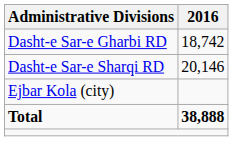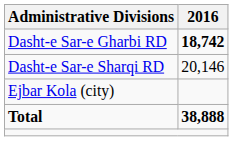 <table class="wikitable">
 <tr>
 <th>Administrative Divisions</th>
 <th>2016</th>
 </tr>
 <tr>
 <td><a href='#'>Dasht-e Sar-e Gharbi RD</a></td>
-<td style="text-align: right;">18,742</td>
+<td style="text-align: right;"><strong>18,742</strong></td>
 </tr>
 <tr>
 <td><a href='#'>Dasht-e Sar-e Sharqi RD</a></td>
 <td style="text-align: right;">20,146</td>
 </tr>
 <tr>
 <td><a href='#'>Ejbar Kola</a> (city)</td>
 <td style="text-align: right;"></td>
 </tr>
 <tr>
 <td><strong>Total</strong></td>
 <td style="text-align: right;"><strong>38,888</strong></td>
 </tr>
 <tr>
 <td colspan=2></td>
 </tr>
 </table>
